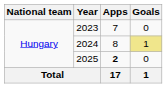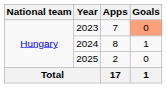 <table class=wikitable style="text-align: center">
 <tr>
 <th>National team</th>
 <th>Year</th>
 <th>Apps</th>
 <th>Goals</th>
 </tr>
 <tr>
 <td rowspan="3"><a href='#'>Hungary</a></td>
 <td>2023</td>
 <td>7</td>
-<td>0</td>
+<td style="background: lightsalmon;">0</td>
 </tr>
 <tr>
 <td>2024</td>
 <td>8</td>
-<td style="background: khaki;">1</td>
+<td>1</td>
 </tr>
 <tr>
 <td>2025</td>
-<td><strong>2</strong></td>
+<td>2</td>
 <td>0</td>
 </tr>
 <tr>
 <th colspan="2">Total</th>
 <th>17</th>
 <th>1</th>
 </tr>
 </table>
